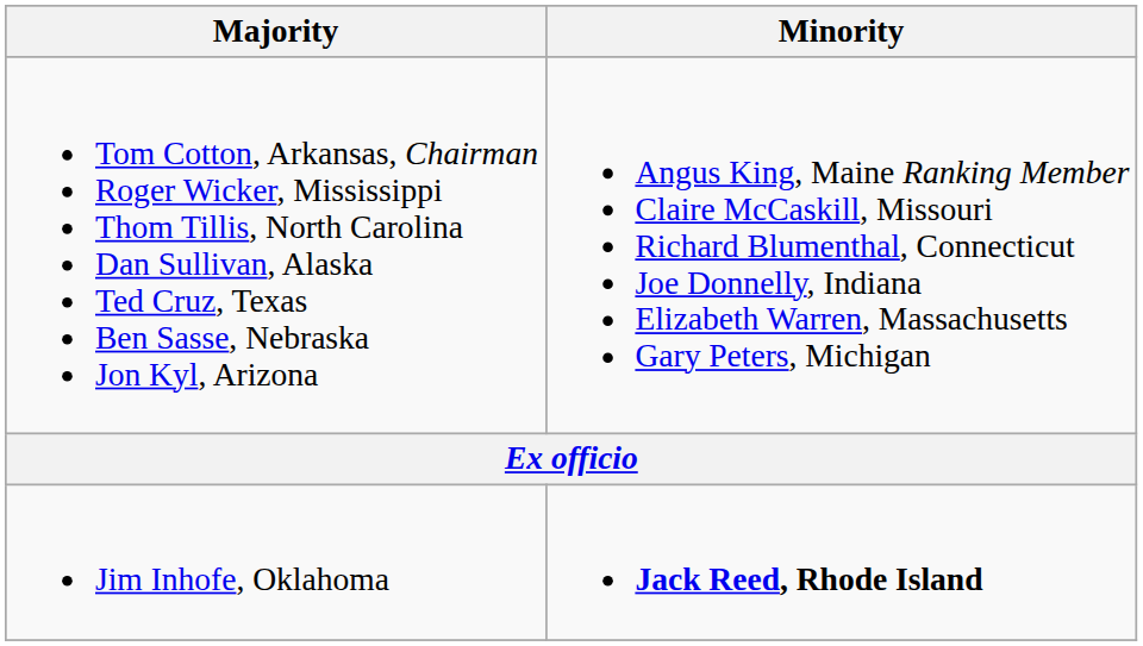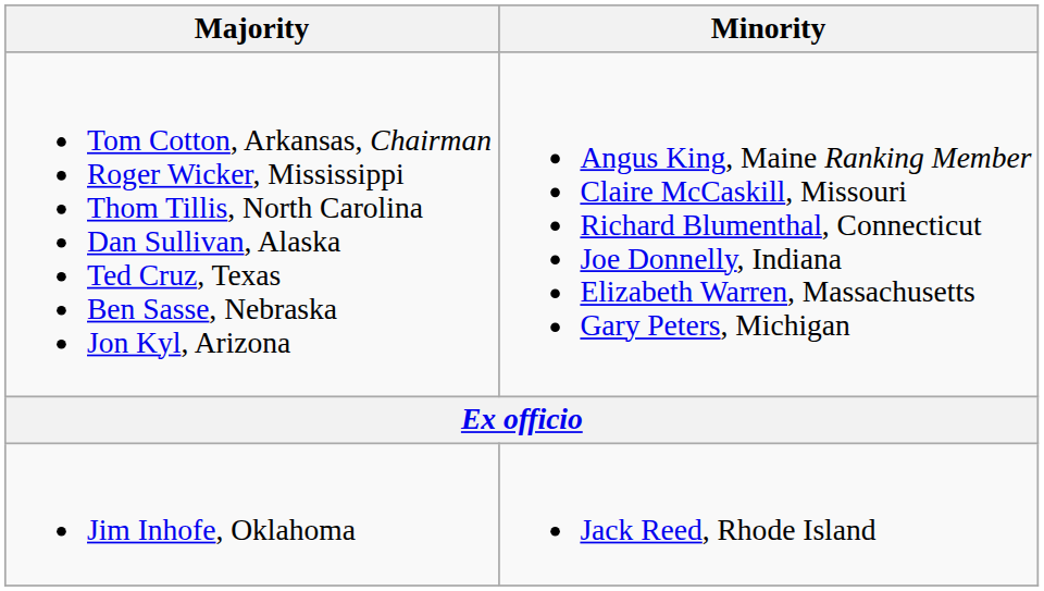 <table class=wikitable>
 <tr>
 <th>Majority</th>
 <th>Minority</th>
 </tr>
 <tr>
 <td><br><ul><li><a href='#'>Tom Cotton</a>, Arkansas, <em>Chairman</em></li><li><a href='#'>Roger Wicker</a>, Mississippi</li><li><a href='#'>Thom Tillis</a>, North Carolina</li><li><a href='#'>Dan Sullivan</a>, Alaska</li><li><a href='#'>Ted Cruz</a>, Texas</li><li><a href='#'>Ben Sasse</a>, Nebraska</li><li><a href='#'>Jon Kyl</a>, Arizona</li></ul></td>
 <td><br><ul><li><span><a href='#'>Angus King</a>, Maine <em>Ranking Member</em></span></li><li><a href='#'>Claire McCaskill</a>, Missouri</li><li><a href='#'>Richard Blumenthal</a>, Connecticut</li><li><a href='#'>Joe Donnelly</a>, Indiana</li><li><a href='#'>Elizabeth Warren</a>, Massachusetts</li><li><a href='#'>Gary Peters</a>, Michigan</li></ul></td>
 </tr>
 <tr>
 <th colspan=2><em><a href='#'>Ex officio</a></em></th>
 </tr>
 <tr>
 <td><br><ul><li><a href='#'>Jim Inhofe</a>, Oklahoma</li></ul></td>
-<td><strong><br><ul><li><a href='#'>Jack Reed</a>, Rhode Island</li></ul></strong></td>
+<td><br><ul><li><a href='#'>Jack Reed</a>, Rhode Island</li></ul></td>
 </tr>
 </table>
